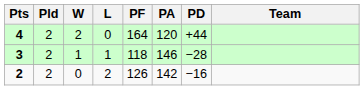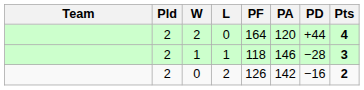 <table class=wikitable style="text-align:center">
 <tr>
-<th width=30>Pts</th>
+<th width=180>Team</th>
 <th width=30>Pld</th>
 <th width=30>W</th>
 <th width=30>L</th>
 <th width=30>PF</th>
 <th width=30>PA</th>
 <th width=30>PD</th>
-<th width=180>Team</th>
+<th width=30>Pts</th>
 </tr>
 <tr bgcolor="#ccffcc">
-<td><strong>4</strong></td>
+<td align="left"></td>
 <td>2</td>
 <td>2</td>
 <td>0</td>
 <td>164</td>
 <td>120</td>
 <td>+44</td>
-<td align="left"></td>
+<td><strong>4</strong></td>
 </tr>
 <tr bgcolor="#ccffcc">
-<td><strong>3</strong></td>
+<td align="left"></td>
 <td>2</td>
 <td>1</td>
 <td>1</td>
 <td>118</td>
 <td>146</td>
 <td>−28</td>
-<td align="left"></td>
+<td><strong>3</strong></td>
 </tr>
 <tr>
-<td><strong>2</strong></td>
+<td align="left"></td>
 <td>2</td>
 <td>0</td>
 <td>2</td>
 <td>126</td>
 <td>142</td>
 <td>−16</td>
-<td align="left"></td>
+<td><strong>2</strong></td>
 </tr>
 </table>
